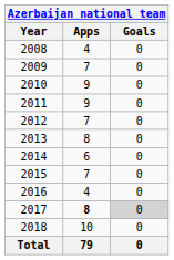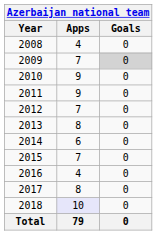 <table class="wikitable" style="text-align:center">
 <tr>
 <th colspan=3><a href='#'>Azerbaijan national team</a></th>
 </tr>
 <tr>
 <th>Year</th>
 <th>Apps</th>
 <th>Goals</th>
 </tr>
 <tr>
 <td>2008</td>
 <td>4</td>
 <td>0</td>
 </tr>
 <tr>
 <td>2009</td>
 <td>7</td>
-<td>0</td>
+<td style="background: lightgrey;">0</td>
 </tr>
 <tr>
 <td>2010</td>
 <td>9</td>
 <td>0</td>
 </tr>
 <tr>
 <td>2011</td>
 <td>9</td>
 <td>0</td>
 </tr>
 <tr>
 <td>2012</td>
 <td>7</td>
 <td>0</td>
 </tr>
 <tr>
 <td>2013</td>
 <td>8</td>
 <td>0</td>
 </tr>
 <tr>
 <td>2014</td>
 <td>6</td>
 <td>0</td>
 </tr>
 <tr>
 <td>2015</td>
 <td>7</td>
 <td>0</td>
 </tr>
 <tr>
 <td>2016</td>
 <td>4</td>
 <td>0</td>
 </tr>
 <tr>
 <td>2017</td>
-<td><strong>8</strong></td>
-<td style="background: lightgrey;">0</td>
+<td>8</td>
+<td>0</td>
 </tr>
 <tr>
 <td>2018</td>
-<td>10</td>
+<td style="background: lavender;">10</td>
 <td>0</td>
 </tr>
 <tr>
 <th>Total</th>
 <th>79</th>
 <th>0</th>
 </tr>
 </table>
